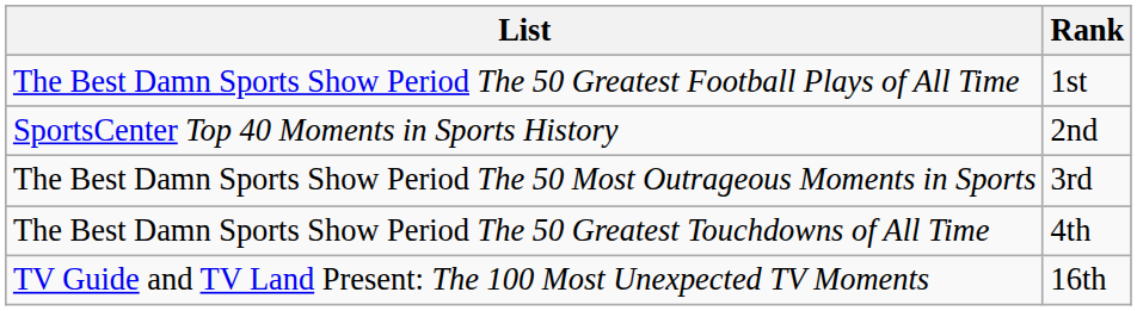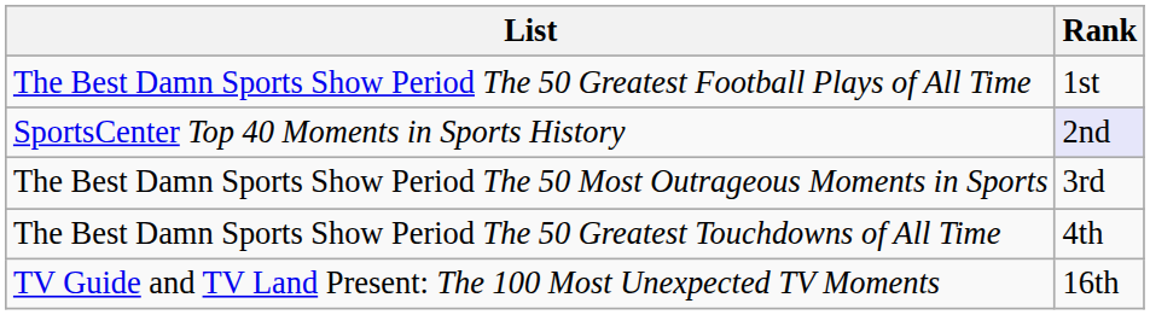 <table class="wikitable">
 <tr>
 <th>List</th>
 <th>Rank</th>
 </tr>
 <tr>
 <td><a href='#'>The Best Damn Sports Show Period</a> <em>The 50 Greatest Football Plays of All Time</em></td>
 <td>1st</td>
 </tr>
 <tr>
 <td><a href='#'>SportsCenter</a> <em>Top 40 Moments in Sports History</em></td>
-<td>2nd</td>
+<td style="background: lavender;">2nd</td>
 </tr>
 <tr>
 <td>The Best Damn Sports Show Period <em>The 50 Most Outrageous Moments in Sports</em></td>
 <td>3rd</td>
 </tr>
 <tr>
 <td>The Best Damn Sports Show Period <em>The 50 Greatest Touchdowns of All Time</em></td>
 <td>4th</td>
 </tr>
 <tr>
 <td><a href='#'>TV Guide</a> and <a href='#'>TV Land</a> Present: <em>The 100 Most Unexpected TV Moments</em> </td>
 <td>16th</td>
 </tr>
 </table>
